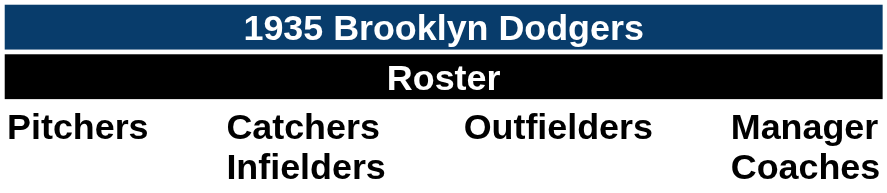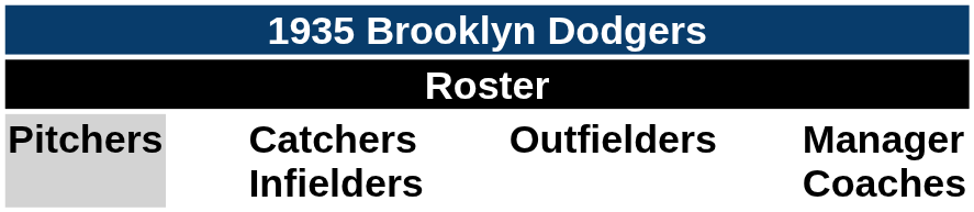 <table class="toccolours" style="font-size: 95%;">
 <tr>
 <th colspan="10" style="background:#083c6b; color:white; text-align:center;">1935 Brooklyn Dodgers</th>
 </tr>
 <tr>
 <td colspan="10" style="background:black; color:white; text-align:center;"><strong>Roster</strong></td>
 </tr>
 <tr>
-<td valign="top"><strong>Pitchers</strong><br>              </td>
+<td valign="top" style="background: lightgrey;"><strong>Pitchers</strong><br>              </td>
 <td style="width:25px;"></td>
 <td valign="top"><strong>Catchers</strong><br>     <strong>Infielders</strong>          </td>
 <td style="width:25px;"></td>
 <td valign="top"><strong>Outfielders</strong><br>       </td>
 <td style="width:25px;"></td>
 <td valign="top"><strong>Manager</strong><br> <strong>Coaches</strong>  </td>
 </tr>
 </table>
